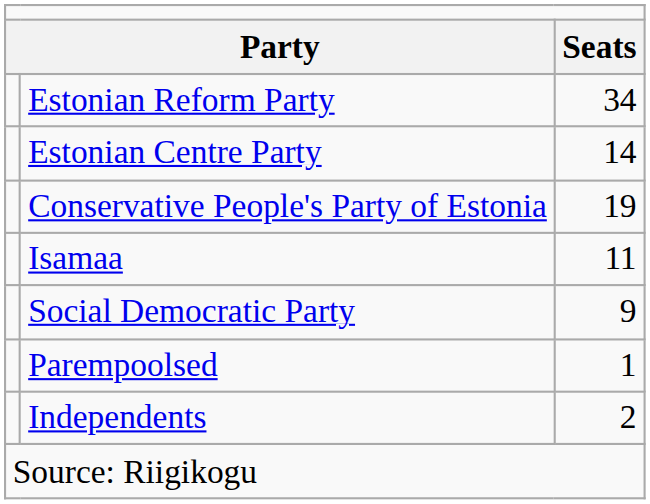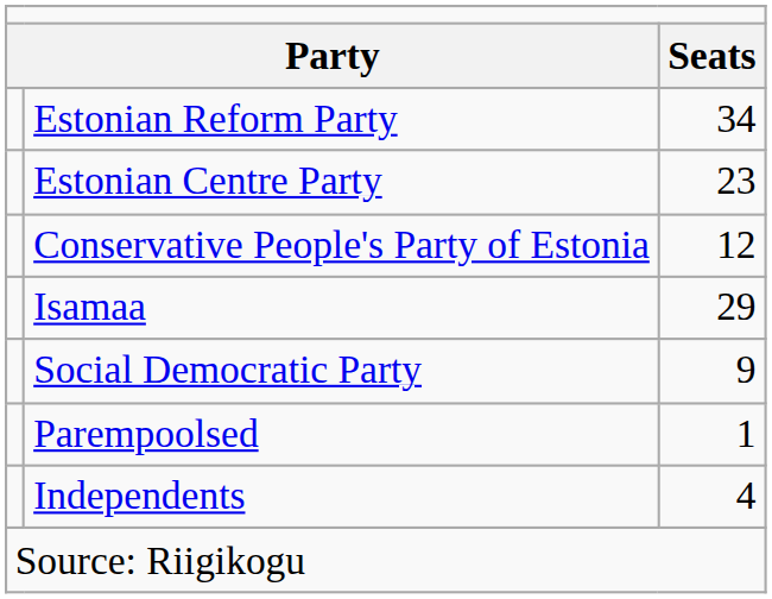 <table class="wikitable" style="text-align:right">
 <tr>
 <td colspan="7" style="text-align:center"></td>
 </tr>
 <tr>
 <th colspan="2">Party</th>
 <th>Seats</th>
 </tr>
 <tr>
 <td></td>
 <td align="left"><a href='#'>Estonian Reform Party</a></td>
 <td>34</td>
 </tr>
 <tr>
 <td></td>
 <td align="left"><a href='#'>Estonian Centre Party</a></td>
-<td>14</td>
+<td>23</td>
 </tr>
 <tr>
 <td></td>
 <td align="left"><a href='#'>Conservative People's Party of Estonia</a></td>
-<td>19</td>
+<td>12</td>
 </tr>
 <tr>
 <td></td>
 <td align="left"><a href='#'>Isamaa</a></td>
-<td>11</td>
+<td>29</td>
 </tr>
 <tr>
 <td></td>
 <td align="left"><a href='#'>Social Democratic Party</a></td>
 <td>9</td>
 </tr>
 <tr>
 <td></td>
 <td align="left"><a href='#'>Parempoolsed</a></td>
 <td>1</td>
 </tr>
 <tr>
 <td></td>
 <td align="left"><a href='#'>Independents</a></td>
-<td>2</td>
+<td>4</td>
 </tr>
 <tr>
 <td style="text-align:left" colspan="3">Source: Riigikogu</td>
 </tr>
 </table>
